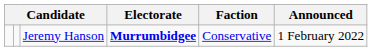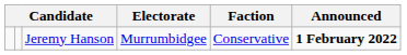 <table class="wikitable" style="text-align:center">
 <tr>
 <th colspan=3>Candidate</th>
 <th>Electorate</th>
 <th>Faction</th>
 <th>Announced</th>
 </tr>
 <tr>
 <td width="3pt" > </td>
 <td></td>
 <td><a href='#'>Jeremy Hanson</a></td>
-<td><strong><a href='#'>Murrumbidgee</a></strong></td>
+<td><a href='#'>Murrumbidgee</a></td>
 <td><a href='#'>Conservative</a></td>
-<td>1 February 2022</td>
+<td><strong>1 February 2022</strong></td>
 </tr>
 </table>
